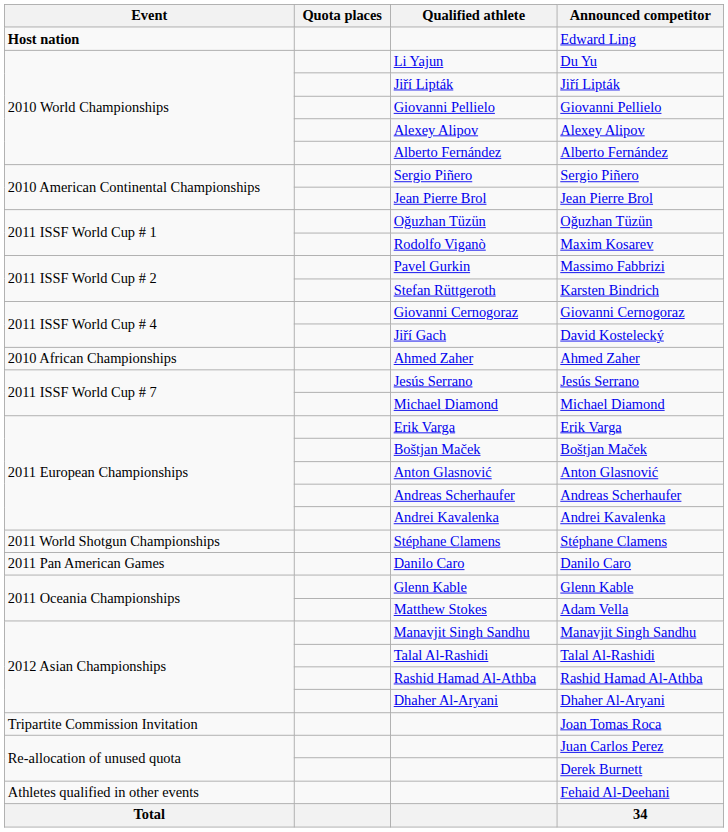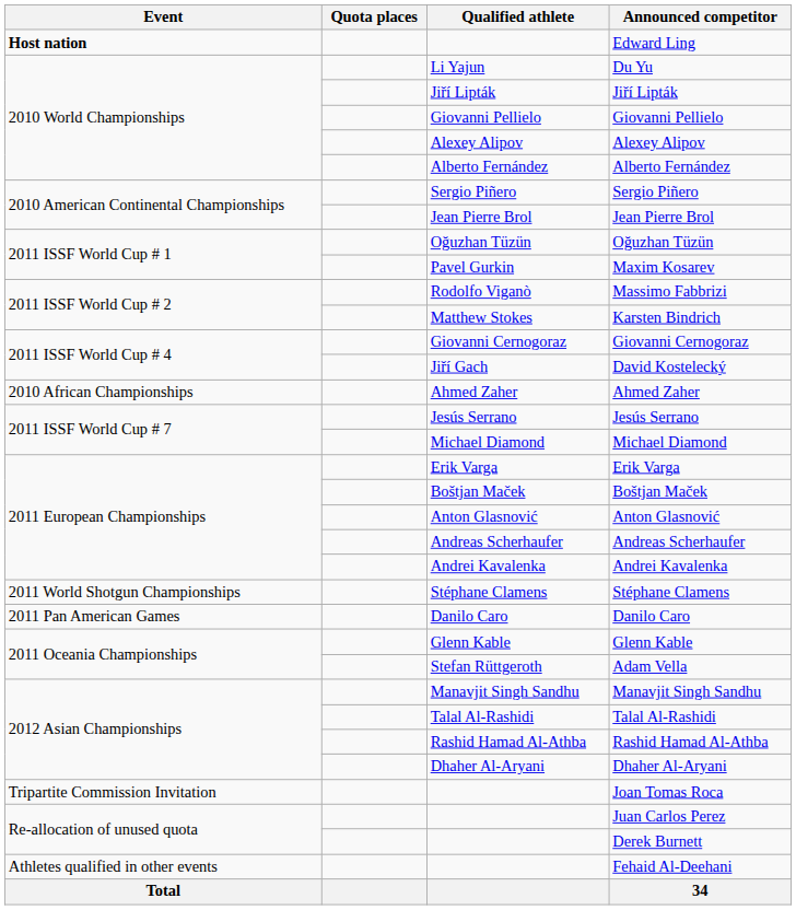 <table class=wikitable style="text-align:left" width=800>
 <tr>
 <th>Event</th>
 <th>Quota places</th>
 <th>Qualified athlete</th>
 <th>Announced competitor</th>
 </tr>
 <tr>
 <td><strong>Host nation</strong></td>
 <td></td>
 <td></td>
 <td><a href='#'>Edward Ling</a></td>
 </tr>
 <tr>
 <td rowspan="5">2010 World Championships</td>
 <td></td>
 <td><a href='#'>Li Yajun</a></td>
 <td><a href='#'>Du Yu</a></td>
 </tr>
 <tr>
 <td></td>
 <td><a href='#'>Jiří Lipták</a></td>
 <td><a href='#'>Jiří Lipták</a></td>
 </tr>
 <tr>
 <td></td>
 <td><a href='#'>Giovanni Pellielo</a></td>
 <td><a href='#'>Giovanni Pellielo</a></td>
 </tr>
 <tr>
 <td></td>
 <td><a href='#'>Alexey Alipov</a></td>
 <td><a href='#'>Alexey Alipov</a></td>
 </tr>
 <tr>
 <td></td>
 <td><a href='#'>Alberto Fernández</a></td>
 <td><a href='#'>Alberto Fernández</a></td>
 </tr>
 <tr>
 <td rowspan="2">2010 American Continental Championships</td>
 <td></td>
 <td><a href='#'>Sergio Piñero</a></td>
 <td><a href='#'>Sergio Piñero</a></td>
 </tr>
 <tr>
 <td></td>
 <td><a href='#'>Jean Pierre Brol</a></td>
 <td><a href='#'>Jean Pierre Brol</a></td>
 </tr>
 <tr>
 <td rowspan="2">2011 ISSF World Cup # 1</td>
 <td></td>
 <td><a href='#'>Oğuzhan Tüzün</a></td>
 <td><a href='#'>Oğuzhan Tüzün</a></td>
 </tr>
 <tr>
 <td></td>
-<td><a href='#'>Rodolfo Viganò</a></td>
+<td><a href='#'>Pavel Gurkin</a></td>
 <td><a href='#'>Maxim Kosarev</a></td>
 </tr>
 <tr>
 <td rowspan="2">2011 ISSF World Cup # 2</td>
 <td></td>
-<td><a href='#'>Pavel Gurkin</a></td>
+<td><a href='#'>Rodolfo Viganò</a></td>
 <td><a href='#'>Massimo Fabbrizi</a></td>
 </tr>
 <tr>
 <td></td>
-<td><a href='#'>Stefan Rüttgeroth</a></td>
+<td><a href='#'>Matthew Stokes</a></td>
 <td><a href='#'>Karsten Bindrich</a></td>
 </tr>
 <tr>
 <td rowspan="2">2011 ISSF World Cup # 4</td>
 <td></td>
 <td><a href='#'>Giovanni Cernogoraz</a></td>
 <td><a href='#'>Giovanni Cernogoraz</a></td>
 </tr>
 <tr>
 <td></td>
 <td><a href='#'>Jiří Gach</a></td>
 <td><a href='#'>David Kostelecký</a></td>
 </tr>
 <tr>
 <td rowspan="1">2010 African Championships</td>
 <td></td>
 <td><a href='#'>Ahmed Zaher</a></td>
 <td><a href='#'>Ahmed Zaher</a></td>
 </tr>
 <tr>
 <td rowspan="2">2011 ISSF World Cup # 7</td>
 <td></td>
 <td><a href='#'>Jesús Serrano</a></td>
 <td><a href='#'>Jesús Serrano</a></td>
 </tr>
 <tr>
 <td></td>
 <td><a href='#'>Michael Diamond</a></td>
 <td><a href='#'>Michael Diamond</a></td>
 </tr>
 <tr>
 <td rowspan="5">2011 European Championships</td>
 <td></td>
 <td><a href='#'>Erik Varga</a></td>
 <td><a href='#'>Erik Varga</a></td>
 </tr>
 <tr>
 <td></td>
 <td><a href='#'>Boštjan Maček</a></td>
 <td><a href='#'>Boštjan Maček</a></td>
 </tr>
 <tr>
 <td></td>
 <td><a href='#'>Anton Glasnović</a></td>
 <td><a href='#'>Anton Glasnović</a></td>
 </tr>
 <tr>
 <td></td>
 <td><a href='#'>Andreas Scherhaufer</a></td>
 <td><a href='#'>Andreas Scherhaufer</a></td>
 </tr>
 <tr>
 <td></td>
 <td><a href='#'>Andrei Kavalenka</a></td>
 <td><a href='#'>Andrei Kavalenka</a></td>
 </tr>
 <tr>
 <td rowspan="1">2011 World Shotgun Championships</td>
 <td></td>
 <td><a href='#'>Stéphane Clamens</a></td>
 <td><a href='#'>Stéphane Clamens</a></td>
 </tr>
 <tr>
 <td rowspan="1">2011 Pan American Games</td>
 <td></td>
 <td><a href='#'>Danilo Caro</a></td>
 <td><a href='#'>Danilo Caro</a></td>
 </tr>
 <tr>
 <td rowspan="2">2011 Oceania Championships</td>
 <td></td>
 <td><a href='#'>Glenn Kable</a></td>
 <td><a href='#'>Glenn Kable</a></td>
 </tr>
 <tr>
 <td></td>
-<td><a href='#'>Matthew Stokes</a></td>
+<td><a href='#'>Stefan Rüttgeroth</a></td>
 <td><a href='#'>Adam Vella</a></td>
 </tr>
 <tr>
 <td rowspan="4">2012 Asian Championships</td>
 <td></td>
 <td><a href='#'>Manavjit Singh Sandhu</a></td>
 <td><a href='#'>Manavjit Singh Sandhu</a></td>
 </tr>
 <tr>
 <td></td>
 <td><a href='#'>Talal Al-Rashidi</a></td>
 <td><a href='#'>Talal Al-Rashidi</a></td>
 </tr>
 <tr>
 <td></td>
 <td><a href='#'>Rashid Hamad Al-Athba</a></td>
 <td><a href='#'>Rashid Hamad Al-Athba</a></td>
 </tr>
 <tr>
 <td></td>
 <td><a href='#'>Dhaher Al-Aryani</a></td>
 <td><a href='#'>Dhaher Al-Aryani</a></td>
 </tr>
 <tr>
 <td rowspan="1">Tripartite Commission Invitation</td>
 <td></td>
 <td></td>
 <td><a href='#'>Joan Tomas Roca</a></td>
 </tr>
 <tr>
 <td rowspan="2">Re-allocation of unused quota</td>
 <td></td>
 <td></td>
 <td><a href='#'>Juan Carlos Perez</a></td>
 </tr>
 <tr>
 <td></td>
 <td></td>
 <td><a href='#'>Derek Burnett</a></td>
 </tr>
 <tr>
 <td rowspan="1">Athletes qualified in other events</td>
 <td></td>
 <td></td>
 <td><a href='#'>Fehaid Al-Deehani</a></td>
 </tr>
 <tr>
 <th>Total</th>
 <th></th>
 <th></th>
 <th>34</th>
 </tr>
 </table>
